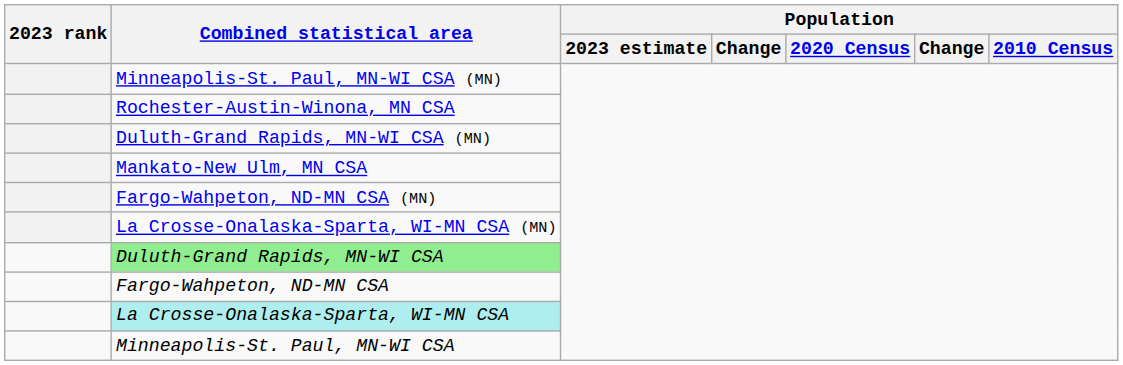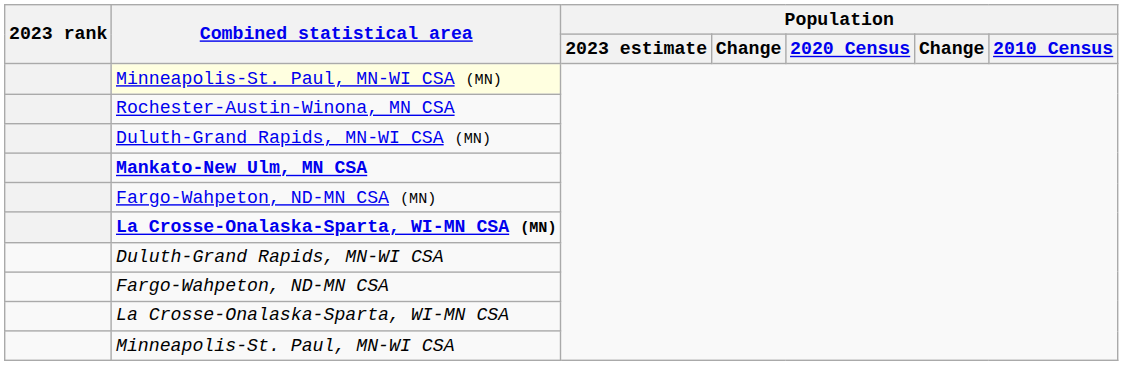 <table class="wikitable sortable">
 <tr>
 <th scope=col rowspan=2>2023 rank</th>
 <th scope=col rowspan=2><a href='#'>Combined statistical area</a></th>
 <th colspan=5>Population</th>
 </tr>
 <tr>
 <th scope=col>2023 estimate</th>
 <th scope=col>Change</th>
 <th scope=col><a href='#'>2020 Census</a></th>
 <th scope=col>Change</th>
 <th scope=col><a href='#'>2010 Census</a></th>
 </tr>
 <tr>
 <th scope=row></th>
-<td><a href='#'>Minneapolis-St. Paul, MN-WI CSA</a> <small>(MN)</small><br></td>
+<td style="background: lightyellow;"><a href='#'>Minneapolis-St. Paul, MN-WI CSA</a> <small>(MN)</small><br></td>
 </tr>
 <tr>
 <th scope=row></th>
 <td><a href='#'>Rochester-Austin-Winona, MN CSA</a><br></td>
 </tr>
 <tr>
 <th scope=row></th>
 <td><a href='#'>Duluth-Grand Rapids, MN-WI CSA</a> <small>(MN)</small><br></td>
 </tr>
 <tr>
 <th scope=row></th>
-<td><a href='#'>Mankato-New Ulm, MN CSA</a><br></td>
+<td><strong><a href='#'>Mankato-New Ulm, MN CSA</a><br></strong></td>
 </tr>
 <tr>
 <th scope=row></th>
 <td><a href='#'>Fargo-Wahpeton, ND-MN CSA</a> <small>(MN)</small><br></td>
 </tr>
 <tr>
 <th scope=row></th>
-<td><a href='#'>La Crosse-Onalaska-Sparta, WI-MN CSA</a> <small>(MN)</small><br></td>
+<td><strong><a href='#'>La Crosse-Onalaska-Sparta, WI-MN CSA</a> <small>(MN)</small><br></strong></td>
 </tr>
 <tr>
 <td></td>
-<td style="background: lightgreen;"><em><span>Duluth-Grand Rapids, MN-WI CSA</span></em><br></td>
+<td><em><span>Duluth-Grand Rapids, MN-WI CSA</span></em><br></td>
 </tr>
 <tr>
 <td></td>
 <td><em><span>Fargo-Wahpeton, ND-MN CSA</span></em><br></td>
 </tr>
 <tr>
 <td></td>
-<td style="background: paleturquoise;"><em><span>La Crosse-Onalaska-Sparta, WI-MN CSA</span></em><br></td>
+<td><em><span>La Crosse-Onalaska-Sparta, WI-MN CSA</span></em><br></td>
 </tr>
 <tr>
 <td></td>
 <td><em><span>Minneapolis-St. Paul, MN-WI CSA</span></em><br></td>
 </tr>
 </table>
